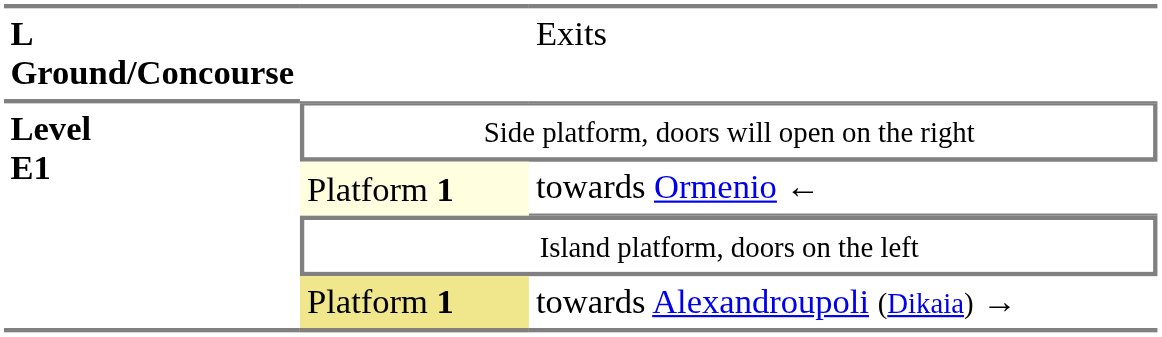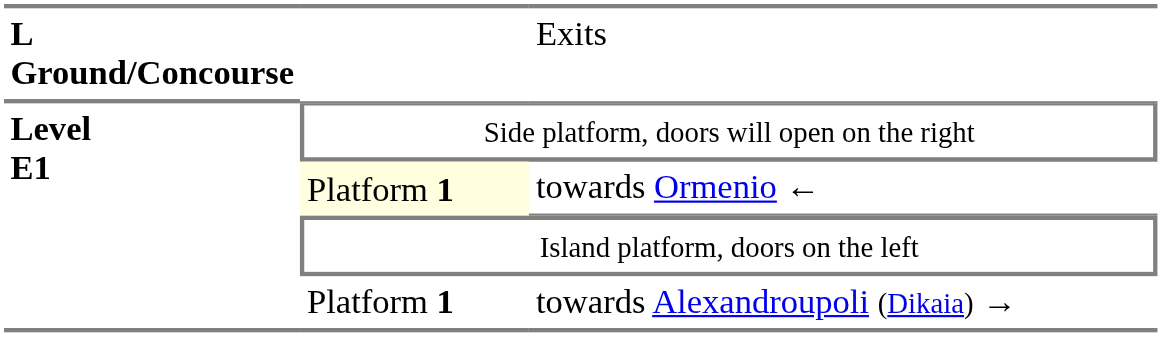 <table table border=0 cellspacing=0 cellpadding=3>
 <tr>
 <td style="border-bottom:solid 2px gray;border-top:solid 2px gray;" width=50 valign=top><strong>L<br>Ground/Concourse</strong></td>
 <td style="border-top:solid 2px gray;border-bottom:solid 1px gray;" width=100 valign=top></td>
 <td style="border-top:solid 2px gray;border-bottom:solid 1px gray;" width=285 valign=top>Exits</td>
 </tr>
 <tr>
 <td style="border-bottom:solid 2px gray;" rowspan=12 valign=top><strong>Level<br>Ε1</strong></td>
 <td style="border-top:solid 1px gray;border-right:solid 2px gray;border-left:solid 2px gray;border-bottom:solid 2px gray;text-align:center;" colspan=2><small>Side platform, doors will open on the right</small></td>
 </tr>
 <tr>
 <td style="background: lightyellow;">Platform <span><strong>1</strong></span></td>
 <td style="border-bottom:solid 1px gray;"> towards <a href='#'>Ormenio</a> <small></small> ←</td>
 </tr>
 <tr>
 <td style="border-top:solid 2px gray;border-right:solid 2px gray;border-left:solid 2px gray;border-bottom:solid 2px gray;text-align:center;" colspan=2><small>Island platform, doors on the left</small></td>
 </tr>
 <tr>
-<td style="background: khaki; border-bottom:solid 2px gray;">Platform <span><strong>1</strong></span></td>
+<td style="border-bottom:solid 2px gray;">Platform <span><strong>1</strong></span></td>
 <td style="border-bottom:solid 2px gray;"> towards <a href='#'>Alexandroupoli</a> <small>(<a href='#'>Dikaia</a>)</small> →</td>
 </tr>
 </table>
